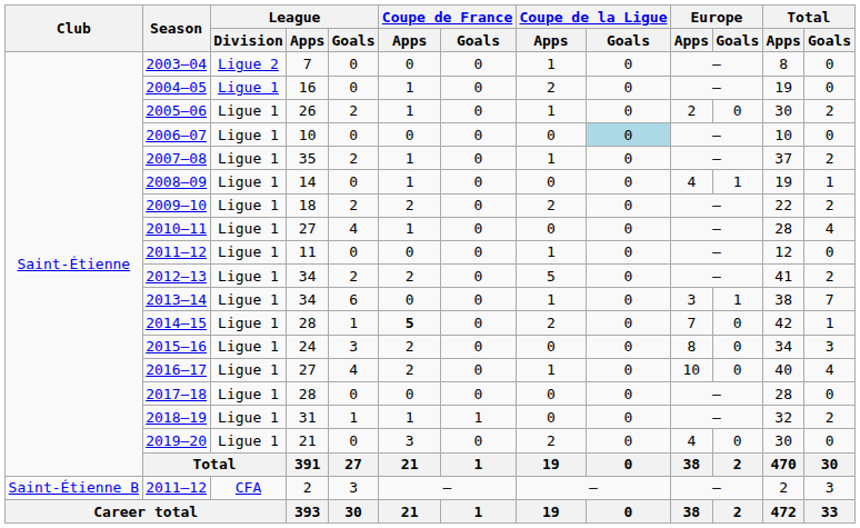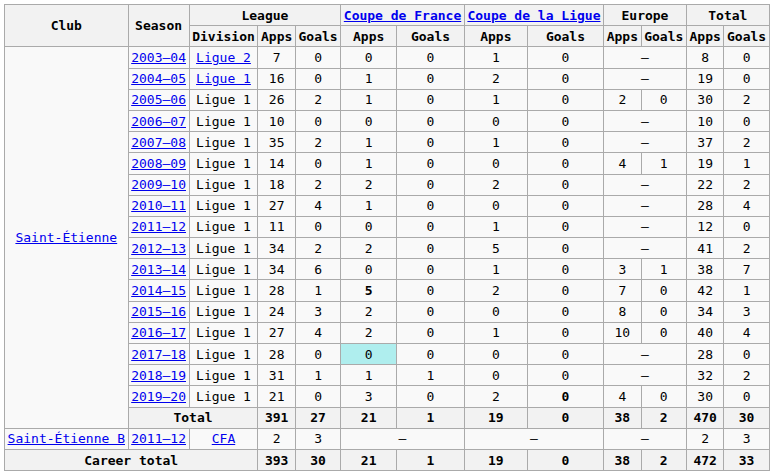 <table class="wikitable" style="text-align:center">
 <tr>
 <th rowspan=2>Club</th>
 <th rowspan=2>Season</th>
 <th colspan="3">League</th>
 <th colspan="2"><a href='#'>Coupe de France</a></th>
 <th colspan="2"><a href='#'>Coupe de la Ligue</a></th>
 <th colspan="2">Europe</th>
 <th colspan="2">Total</th>
 </tr>
 <tr>
 <th>Division</th>
 <th>Apps</th>
 <th>Goals</th>
 <th>Apps</th>
 <th>Goals</th>
 <th>Apps</th>
 <th>Goals</th>
 <th>Apps</th>
 <th>Goals</th>
 <th>Apps</th>
 <th>Goals</th>
 </tr>
 <tr>
 <td rowspan="18"><a href='#'>Saint-Étienne</a></td>
 <td><a href='#'>2003–04</a></td>
 <td><a href='#'>Ligue 2</a></td>
 <td>7</td>
 <td>0</td>
 <td>0</td>
 <td>0</td>
 <td>1</td>
 <td>0</td>
 <td colspan="2">—</td>
 <td>8</td>
 <td>0</td>
 </tr>
 <tr>
 <td><a href='#'>2004–05</a></td>
 <td><a href='#'>Ligue 1</a></td>
 <td>16</td>
 <td>0</td>
 <td>1</td>
 <td>0</td>
 <td>2</td>
 <td>0</td>
 <td colspan="2">—</td>
 <td>19</td>
 <td>0</td>
 </tr>
 <tr>
 <td><a href='#'>2005–06</a></td>
 <td>Ligue 1</td>
 <td>26</td>
 <td>2</td>
 <td>1</td>
 <td>0</td>
 <td>1</td>
 <td>0</td>
 <td>2</td>
 <td>0</td>
 <td>30</td>
 <td>2</td>
 </tr>
 <tr>
 <td><a href='#'>2006–07</a></td>
 <td>Ligue 1</td>
 <td>10</td>
 <td>0</td>
 <td>0</td>
 <td>0</td>
 <td>0</td>
-<td style="background: lightblue;">0</td>
+<td>0</td>
 <td colspan="2">—</td>
 <td>10</td>
 <td>0</td>
 </tr>
 <tr>
 <td><a href='#'>2007–08</a></td>
 <td>Ligue 1</td>
 <td>35</td>
 <td>2</td>
 <td>1</td>
 <td>0</td>
 <td>1</td>
 <td>0</td>
 <td colspan="2">—</td>
 <td>37</td>
 <td>2</td>
 </tr>
 <tr>
 <td><a href='#'>2008–09</a></td>
 <td>Ligue 1</td>
 <td>14</td>
 <td>0</td>
 <td>1</td>
 <td>0</td>
 <td>0</td>
 <td>0</td>
 <td>4</td>
 <td>1</td>
 <td>19</td>
 <td>1</td>
 </tr>
 <tr>
 <td><a href='#'>2009–10</a></td>
 <td>Ligue 1</td>
 <td>18</td>
 <td>2</td>
 <td>2</td>
 <td>0</td>
 <td>2</td>
 <td>0</td>
 <td colspan="2">—</td>
 <td>22</td>
 <td>2</td>
 </tr>
 <tr>
 <td><a href='#'>2010–11</a></td>
 <td>Ligue 1</td>
 <td>27</td>
 <td>4</td>
 <td>1</td>
 <td>0</td>
 <td>0</td>
 <td>0</td>
 <td colspan="2">—</td>
 <td>28</td>
 <td>4</td>
 </tr>
 <tr>
 <td><a href='#'>2011–12</a></td>
 <td>Ligue 1</td>
 <td>11</td>
 <td>0</td>
 <td>0</td>
 <td>0</td>
 <td>1</td>
 <td>0</td>
 <td colspan="2">—</td>
 <td>12</td>
 <td>0</td>
 </tr>
 <tr>
 <td><a href='#'>2012–13</a></td>
 <td>Ligue 1</td>
 <td>34</td>
 <td>2</td>
 <td>2</td>
 <td>0</td>
 <td>5</td>
 <td>0</td>
 <td colspan="2">—</td>
 <td>41</td>
 <td>2</td>
 </tr>
 <tr>
 <td><a href='#'>2013–14</a></td>
 <td>Ligue 1</td>
 <td>34</td>
 <td>6</td>
 <td>0</td>
 <td>0</td>
 <td>1</td>
 <td>0</td>
 <td>3</td>
 <td>1</td>
 <td>38</td>
 <td>7</td>
 </tr>
 <tr>
 <td><a href='#'>2014–15</a></td>
 <td>Ligue 1</td>
 <td>28</td>
 <td>1</td>
 <td><strong>5</strong></td>
 <td>0</td>
 <td>2</td>
 <td>0</td>
 <td>7</td>
 <td>0</td>
 <td>42</td>
 <td>1</td>
 </tr>
 <tr>
 <td><a href='#'>2015–16</a></td>
 <td>Ligue 1</td>
 <td>24</td>
 <td>3</td>
 <td>2</td>
 <td>0</td>
 <td>0</td>
 <td>0</td>
 <td>8</td>
 <td>0</td>
 <td>34</td>
 <td>3</td>
 </tr>
 <tr>
 <td><a href='#'>2016–17</a></td>
 <td>Ligue 1</td>
 <td>27</td>
 <td>4</td>
 <td>2</td>
 <td>0</td>
 <td>1</td>
 <td>0</td>
 <td>10</td>
 <td>0</td>
 <td>40</td>
 <td>4</td>
 </tr>
 <tr>
 <td><a href='#'>2017–18</a></td>
 <td>Ligue 1</td>
 <td>28</td>
 <td>0</td>
-<td>0</td>
+<td style="background: paleturquoise;">0</td>
 <td>0</td>
 <td>0</td>
 <td>0</td>
 <td colspan="2">—</td>
 <td>28</td>
 <td>0</td>
 </tr>
 <tr>
 <td><a href='#'>2018–19</a></td>
 <td>Ligue 1</td>
 <td>31</td>
 <td>1</td>
 <td>1</td>
 <td>1</td>
 <td>0</td>
 <td>0</td>
 <td colspan="2">—</td>
 <td>32</td>
 <td>2</td>
 </tr>
 <tr>
 <td><a href='#'>2019–20</a></td>
 <td>Ligue 1</td>
 <td>21</td>
 <td>0</td>
 <td>3</td>
 <td>0</td>
 <td>2</td>
-<td>0</td>
+<td><strong>0</strong></td>
 <td>4</td>
 <td>0</td>
 <td>30</td>
 <td>0</td>
 </tr>
 <tr>
 <th colspan="2">Total</th>
 <th>391</th>
 <th>27</th>
 <th>21</th>
 <th>1</th>
 <th>19</th>
 <th>0</th>
 <th>38</th>
 <th>2</th>
 <th>470</th>
 <th>30</th>
 </tr>
 <tr>
 <td><a href='#'>Saint-Étienne B</a></td>
 <td><a href='#'>2011–12</a></td>
 <td><a href='#'>CFA</a></td>
 <td>2</td>
 <td>3</td>
 <td colspan="2">—</td>
 <td colspan="2">—</td>
 <td colspan="2">—</td>
 <td>2</td>
 <td>3</td>
 </tr>
 <tr>
 <th colspan="3">Career total</th>
 <th>393</th>
 <th>30</th>
 <th>21</th>
 <th>1</th>
 <th>19</th>
 <th>0</th>
 <th>38</th>
 <th>2</th>
 <th>472</th>
 <th>33</th>
 </tr>
 </table>
